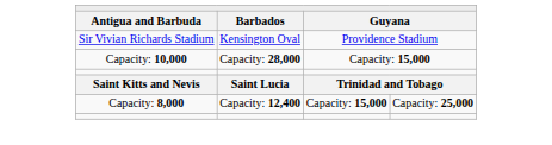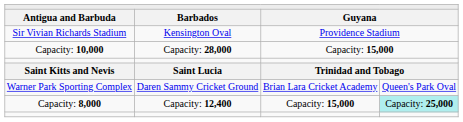 <table class="wikitable" style="text-align:center;margin:auto;font-size:90%;">
 <tr>
 <td colspan="4" style="background:#ececec;color:#2C2C2C;vertical-align:middle;text-align: center;"></td>
 </tr>
 <tr>
 <th>Antigua and Barbuda</th>
 <th>Barbados</th>
 <th colspan="2">Guyana</th>
 </tr>
 <tr>
 <td><a href='#'>Sir Vivian Richards Stadium</a></td>
 <td><a href='#'>Kensington Oval</a></td>
 <td colspan="2"><a href='#'>Providence Stadium</a></td>
 </tr>
 <tr>
 <td>Capacity: <strong>10,000</strong></td>
 <td>Capacity: <strong>28,000</strong></td>
 <td colspan="2">Capacity: <strong>15,000</strong></td>
 </tr>
 <tr>
 <td></td>
 <td></td>
 <td colspan="2"></td>
 </tr>
 <tr>
 <th>Saint Kitts and Nevis</th>
 <th>Saint Lucia</th>
 <th colspan="2">Trinidad and Tobago</th>
 </tr>
 <tr>
+<td><a href='#'>Warner Park Sporting Complex</a></td>
+<td><a href='#'>Daren Sammy Cricket Ground</a></td>
+<td><a href='#'>Brian Lara Cricket Academy</a></td>
+<td><a href='#'>Queen's Park Oval</a></td>
+</tr>
+<tr>
 <td>Capacity: <strong>8,000</strong></td>
 <td>Capacity: <strong>12,400</strong></td>
 <td>Capacity: <strong>15,000</strong></td>
-<td>Capacity: <strong>25,000</strong></td>
+<td style="background: paleturquoise;">Capacity: <strong>25,000</strong></td>
 </tr>
 <tr>
 <td></td>
 <td></td>
 <td></td>
 <td></td>
 </tr>
 </table>
